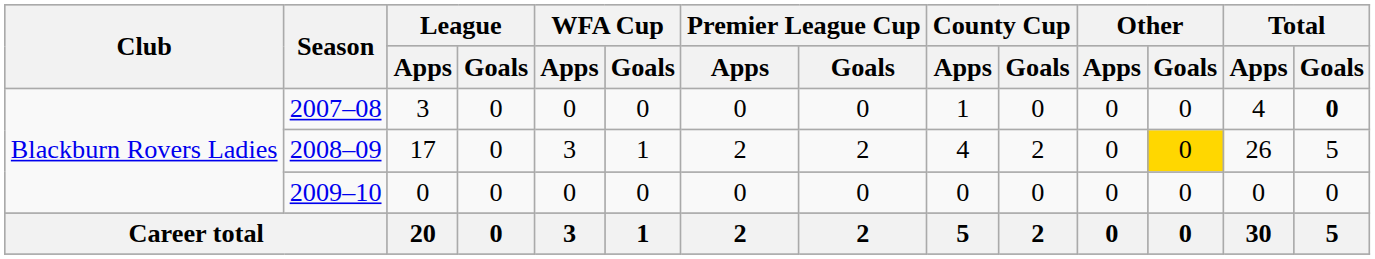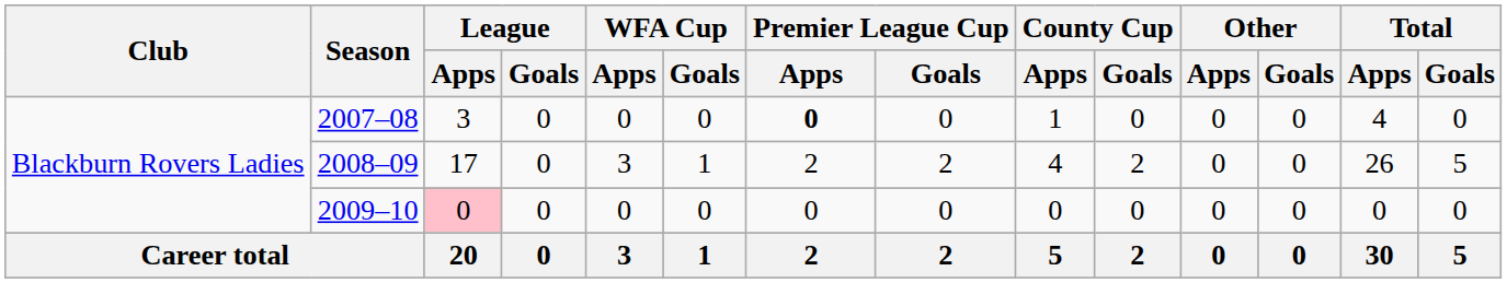 <table class="wikitable" style="text-align:center;">
 <tr>
 <th rowspan="2">Club</th>
 <th rowspan="2">Season</th>
 <th colspan="2">League</th>
 <th colspan="2">WFA Cup</th>
 <th colspan="2">Premier League Cup</th>
 <th colspan="2">County Cup</th>
 <th colspan="2">Other</th>
 <th colspan="2">Total</th>
 </tr>
 <tr>
 <th>Apps</th>
 <th>Goals</th>
 <th>Apps</th>
 <th>Goals</th>
 <th>Apps</th>
 <th>Goals</th>
 <th>Apps</th>
 <th>Goals</th>
 <th>Apps</th>
 <th>Goals</th>
 <th>Apps</th>
 <th>Goals</th>
 </tr>
 <tr>
 <td rowspan="3"><a href='#'>Blackburn Rovers Ladies</a></td>
 <td><a href='#'>2007–08</a></td>
 <td>3</td>
 <td>0</td>
 <td>0</td>
 <td>0</td>
-<td>0</td>
+<td><strong>0</strong></td>
 <td>0</td>
 <td>1</td>
 <td>0</td>
 <td>0</td>
 <td>0</td>
 <td>4</td>
-<td><strong>0</strong></td>
+<td>0</td>
 </tr>
 <tr>
 <td><a href='#'>2008–09</a></td>
 <td>17</td>
 <td>0</td>
 <td>3</td>
 <td>1</td>
 <td>2</td>
 <td>2</td>
 <td>4</td>
 <td>2</td>
 <td>0</td>
-<td style="background: gold;">0</td>
+<td>0</td>
 <td>26</td>
 <td>5</td>
 </tr>
 <tr>
 <td><a href='#'>2009–10</a></td>
-<td>0</td>
+<td style="background: pink;">0</td>
 <td>0</td>
 <td>0</td>
 <td>0</td>
 <td>0</td>
 <td>0</td>
 <td>0</td>
 <td>0</td>
 <td>0</td>
 <td>0</td>
 <td>0</td>
 <td>0</td>
 </tr>
 <tr>
 <th colspan="2">Career total</th>
 <th>20</th>
 <th>0</th>
 <th>3</th>
 <th>1</th>
 <th>2</th>
 <th>2</th>
 <th>5</th>
 <th>2</th>
 <th>0</th>
 <th>0</th>
 <th>30</th>
 <th>5</th>
 </tr>
 </table>
